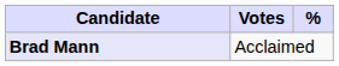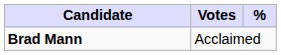 <table class="wikitable">
 <tr>
 <th style="background:#ddf; width:200px;">Candidate</th>
 <th style="background:#ddf; width:50px;">Votes</th>
 <th style="background:#ddf; width:30px;">%</th>
 </tr>
 <tr>
-<td style="background: lavender;"><strong>Brad Mann</strong></td>
+<td><strong>Brad Mann</strong></td>
 <td colspan="2">Acclaimed</td>
 </tr>
 </table>
